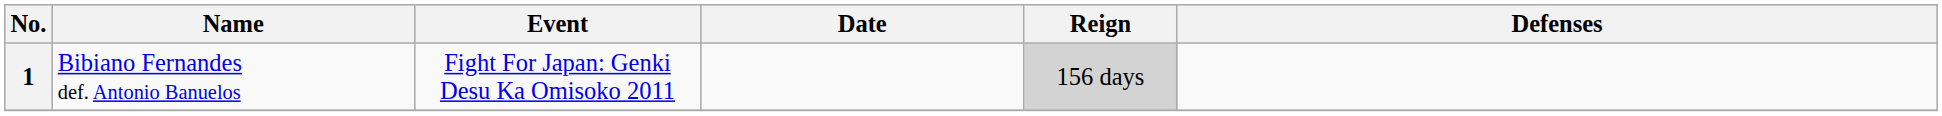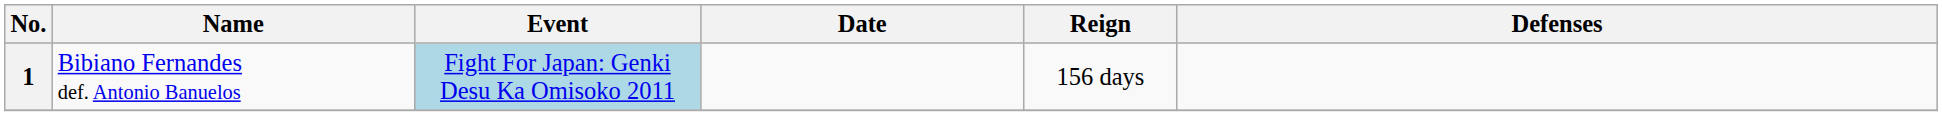 <table class="wikitable" width=100%>
 <tr>
 <th width=1%>No.</th>
 <th width=19%>Name</th>
 <th width=15%>Event</th>
 <th width=17%>Date</th>
 <th width=8%>Reign</th>
 <th width=40%>Defenses</th>
 </tr>
 <tr>
 <th>1</th>
 <td align=left> <a href='#'>Bibiano Fernandes</a><br><small>def. <a href='#'>Antonio Banuelos</a></small></td>
-<td align=center><a href='#'>Fight For Japan: Genki Desu Ka Omisoko 2011</a><br></td>
+<td align=center style="background: lightblue;"><a href='#'>Fight For Japan: Genki Desu Ka Omisoko 2011</a><br></td>
 <td align=center></td>
-<td align="center" style="background: lightgrey;">156 days<br></td>
+<td align="center">156 days<br></td>
 <td><small></small></td>
 </tr>
 <tr>
 </tr>
 </table>
